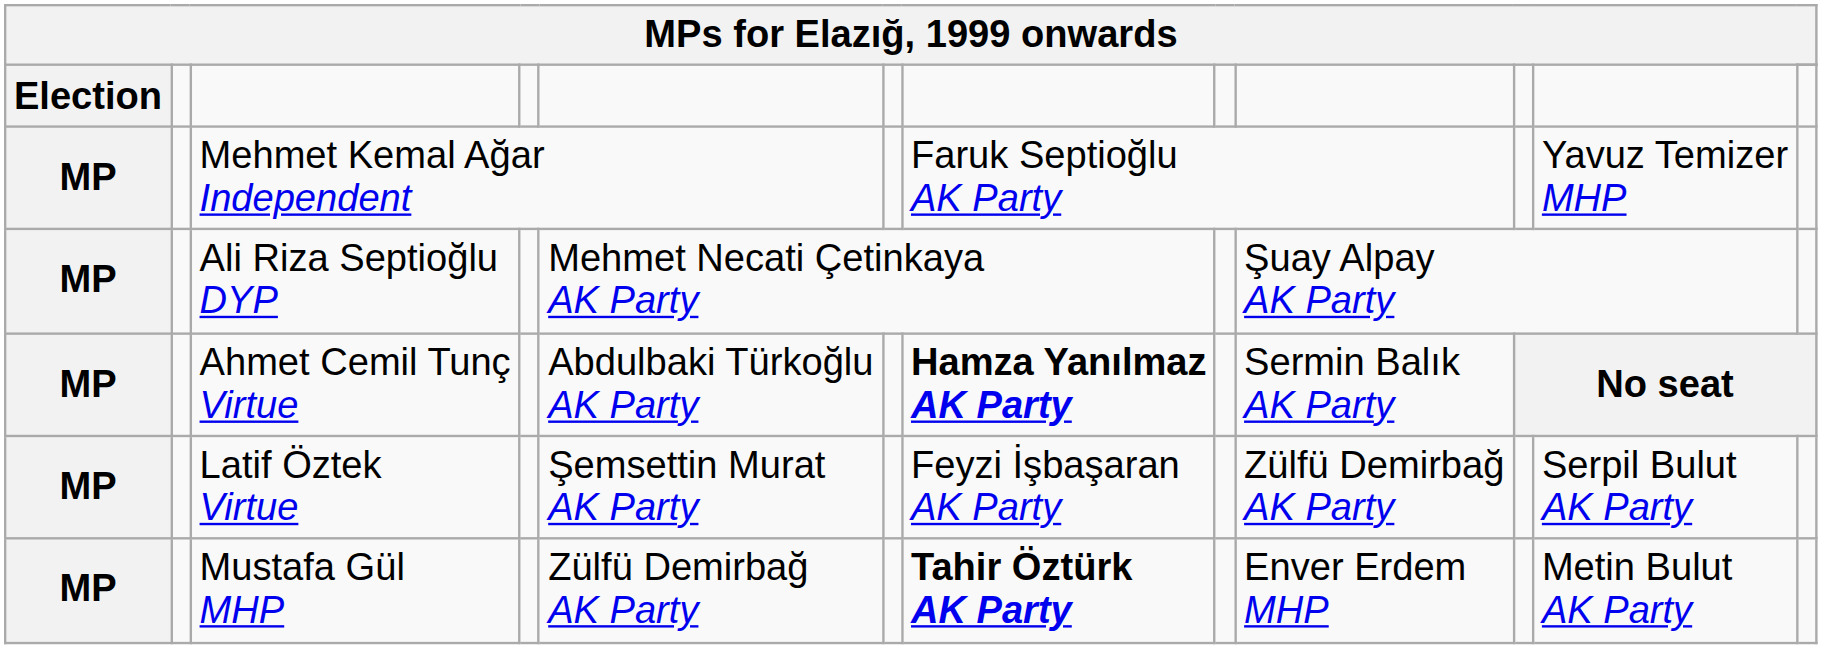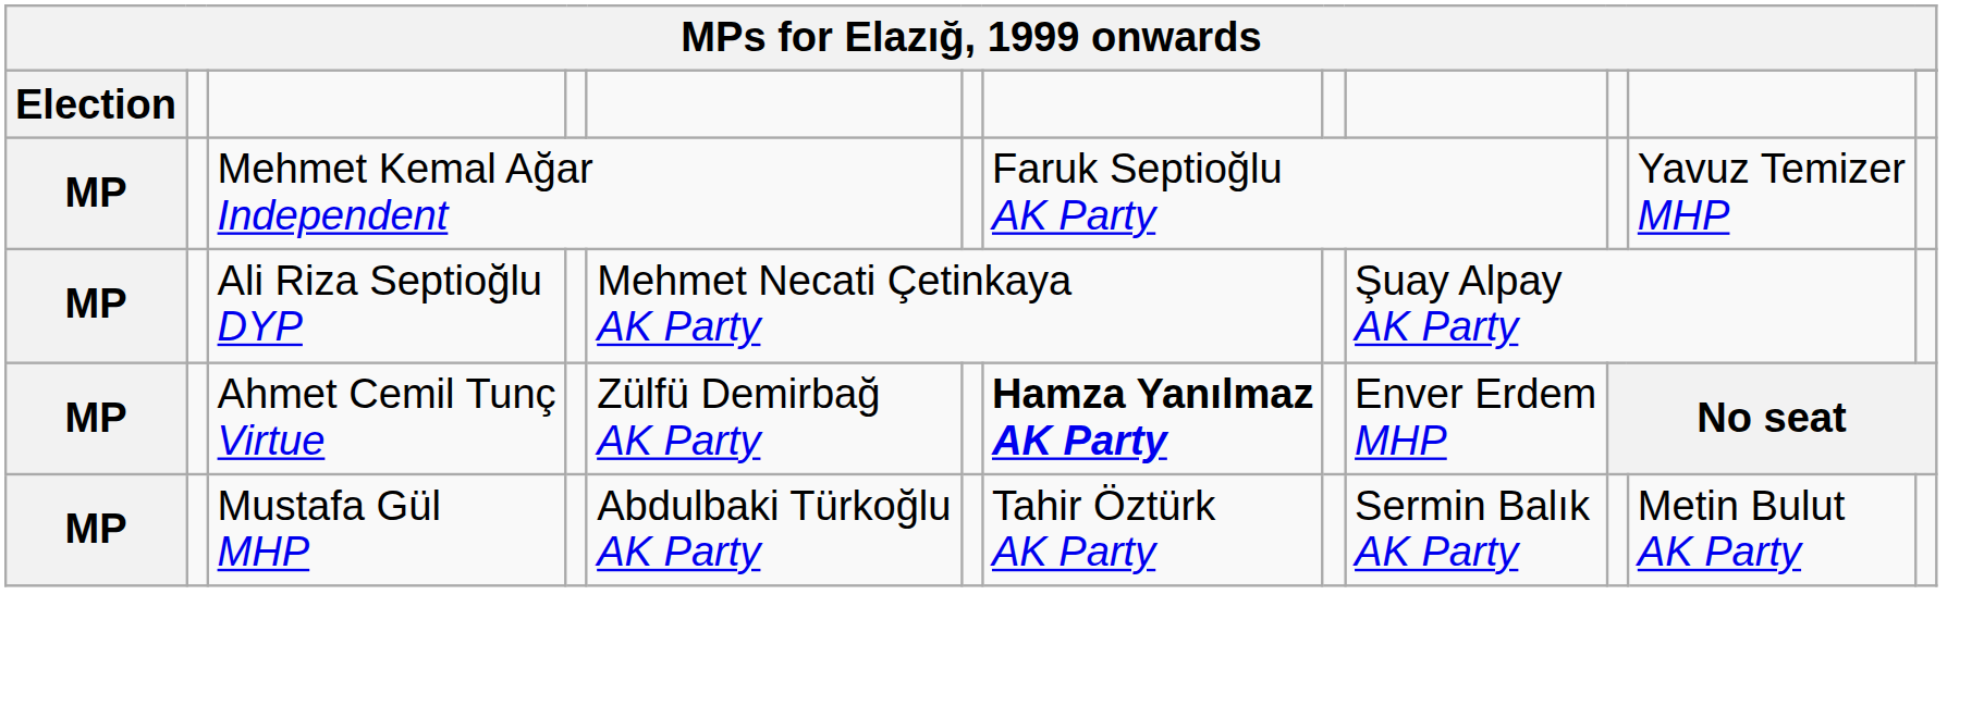 <table class="wikitable">
 <tr>
 <th colspan = 12>MPs for Elazığ, 1999 onwards</th>
 </tr>
 <tr>
 <th rowspan = 2>Election</th>
 <td rowspan="2" style="width:1px;"></td>
 <td rowspan = 2></td>
 <td rowspan="2" style="width:1px;"></td>
 <td rowspan = 2></td>
 <td rowspan="2" style="width:1px;"></td>
 <td rowspan = 2></td>
 <td rowspan="2" style="width:1px;"></td>
 <td rowspan = 2></td>
 <td rowspan="2" style="width:1px;"></td>
 <td rowspan = 2></td>
 </tr>
 <tr>
 <td></td>
 </tr>
 <tr>
 <th>MP</th>
 <td width=1px style="background-color: "></td>
 <td colspan = 3>Mehmet Kemal Ağar<br><em><a href='#'>Independent</a></em></td>
 <td width=1px style="background-color: "></td>
 <td colspan = 3>Faruk Septioğlu<br><em><a href='#'>AK Party</a></em></td>
 <td width=1px style="background-color: "></td>
 <td colspan = 1>Yavuz Temizer<br><em><a href='#'>MHP</a></em></td>
 <td width=1px style="background-color: "></td>
 </tr>
 <tr>
 <th>MP</th>
 <td width=1px style="background-color: "></td>
 <td colspan = 1>Ali Riza Septioğlu<br><em><a href='#'>DYP</a></em></td>
 <td width=1px style="background-color: "></td>
 <td colspan = 3>Mehmet Necati Çetinkaya<br><em><a href='#'>AK Party</a></em></td>
 <td width=1px style="background-color: "></td>
 <td colspan = 3>Şuay Alpay<br><em><a href='#'>AK Party</a></em></td>
 <td width=1px style="background-color: "></td>
 </tr>
 <tr>
 <th>MP</th>
 <td width=1px style="background-color: "></td>
 <td colspan = 1>Ahmet Cemil Tunç<br><em><a href='#'>Virtue</a></em></td>
 <td width=1px style="background-color: "></td>
-<td colspan = 1>Abdulbaki Türkoğlu<br><em><a href='#'>AK Party</a></em></td>
+<td colspan = 1>Zülfü Demirbağ<br><em><a href='#'>AK Party</a></em></td>
 <td width=1px style="background-color: "></td>
 <td colspan = 1><strong>Hamza Yanılmaz<br><em><a href='#'>AK Party</a></em></strong></td>
 <td width=1px style="background-color: "></td>
-<td colspan = 1>Sermin Balık<br><em><a href='#'>AK Party</a></em></td>
+<td colspan = 1>Enver Erdem<br><em><a href='#'>MHP</a></em></td>
 <th colspan=3>No seat</th>
-</tr>
-<tr>
-<th>MP</th>
-<td width=1px style="background-color: "></td>
-<td colspan = 1>Latif Öztek<br><em><a href='#'>Virtue</a></em></td>
-<td width=1px style="background-color: "></td>
-<td colspan = 1>Şemsettin Murat<br><em><a href='#'>AK Party</a></em></td>
-<td width=1px style="background-color: "></td>
-<td colspan = 1>Feyzi İşbaşaran<br><em><a href='#'>AK Party</a></em></td>
-<td width=1px style="background-color: "></td>
-<td colspan = 1>Zülfü Demirbağ<br><em><a href='#'>AK Party</a></em></td>
-<td width=1px style="background-color: "></td>
-<td colspan = 1>Serpil Bulut<br><em><a href='#'>AK Party</a></em></td>
-<td width=1px style="background-color: "></td>
 </tr>
 <tr>
 <th>MP</th>
 <td width=1px style="background-color: "></td>
 <td colspan = 1>Mustafa Gül<br><em><a href='#'>MHP</a></em></td>
 <td width=1px style="background-color: "></td>
-<td colspan = 1>Zülfü Demirbağ<br><em><a href='#'>AK Party</a></em></td>
+<td colspan = 1>Abdulbaki Türkoğlu<br><em><a href='#'>AK Party</a></em></td>
 <td width=1px style="background-color: "></td>
-<td colspan = 1><strong>Tahir Öztürk<br><em><a href='#'>AK Party</a></em></strong></td>
+<td colspan = 1>Tahir Öztürk<br><em><a href='#'>AK Party</a></em></td>
 <td width=1px style="background-color: "></td>
-<td colspan = 1>Enver Erdem<br><em><a href='#'>MHP</a></em></td>
+<td colspan = 1>Sermin Balık<br><em><a href='#'>AK Party</a></em></td>
 <td width=1px style="background-color: "></td>
 <td colspan = 1>Metin Bulut<br><em><a href='#'>AK Party</a></em></td>
 <td width=1px style="background-color: "></td>
 </tr>
 </table>
